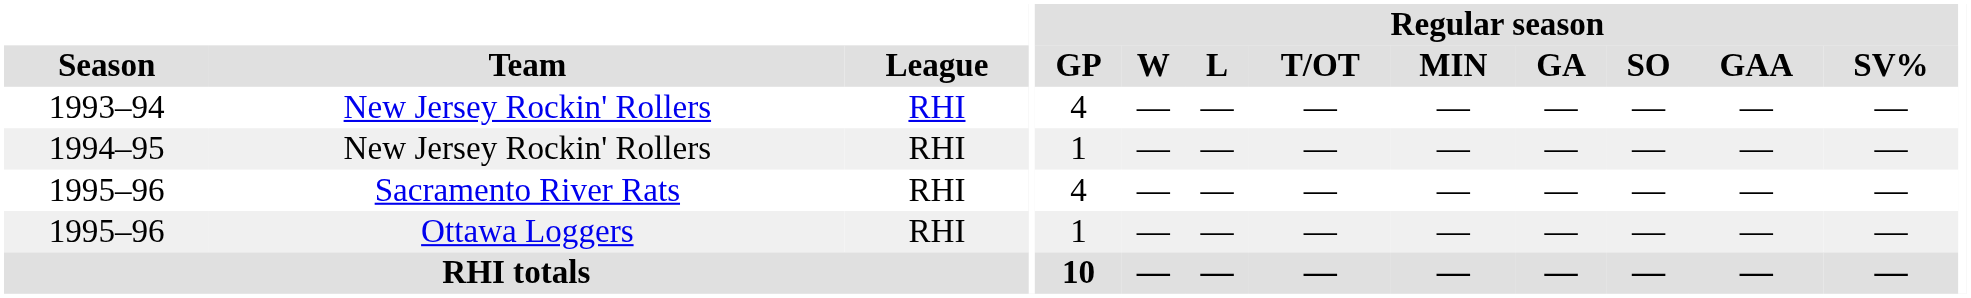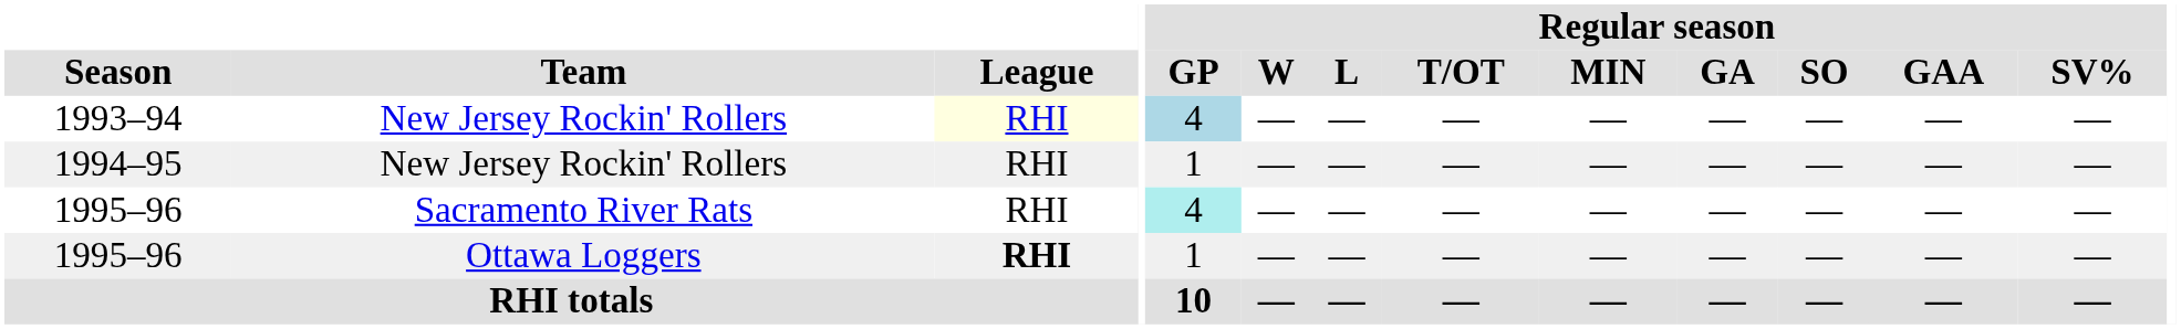 <table border="0" cellpadding="1" cellspacing="0" style="text-align:center; width:75%;">
 <tr bgcolor="#e0e0e0">
 <th colspan="3" bgcolor="#ffffff"></th>
 <th rowspan="99" bgcolor="#ffffff"></th>
 <th colspan="9" bgcolor="#e0e0e0">Regular season</th>
 <th rowspan="99" bgcolor="#ffffff"></th>
 </tr>
 <tr bgcolor="#e0e0e0">
 <th>Season</th>
 <th>Team</th>
 <th>League</th>
 <th>GP</th>
 <th>W</th>
 <th>L</th>
 <th>T/OT</th>
 <th>MIN</th>
 <th>GA</th>
 <th>SO</th>
 <th>GAA</th>
 <th>SV%</th>
 </tr>
 <tr>
 <td>1993–94</td>
 <td><a href='#'>New Jersey Rockin' Rollers</a></td>
-<td><a href='#'>RHI</a></td>
-<td>4</td>
+<td style="background: lightyellow;"><a href='#'>RHI</a></td>
+<td style="background: lightblue;">4</td>
 <td>—</td>
 <td>—</td>
 <td>—</td>
 <td>—</td>
 <td>—</td>
 <td>—</td>
 <td>—</td>
 <td>—</td>
 </tr>
 <tr bgcolor="#f0f0f0">
 <td>1994–95</td>
 <td>New Jersey Rockin' Rollers</td>
 <td>RHI</td>
 <td>1</td>
 <td>—</td>
 <td>—</td>
 <td>—</td>
 <td>—</td>
 <td>—</td>
 <td>—</td>
 <td>—</td>
 <td>—</td>
 </tr>
 <tr>
 <td>1995–96</td>
 <td><a href='#'>Sacramento River Rats</a></td>
 <td>RHI</td>
-<td>4</td>
+<td style="background: paleturquoise;">4</td>
 <td>—</td>
 <td>—</td>
 <td>—</td>
 <td>—</td>
 <td>—</td>
 <td>—</td>
 <td>—</td>
 <td>—</td>
 </tr>
 <tr bgcolor="#f0f0f0">
 <td>1995–96</td>
 <td><a href='#'>Ottawa Loggers</a></td>
-<td>RHI</td>
+<td><strong>RHI</strong></td>
 <td>1</td>
 <td>—</td>
 <td>—</td>
 <td>—</td>
 <td>—</td>
 <td>—</td>
 <td>—</td>
 <td>—</td>
 <td>—</td>
 </tr>
 <tr bgcolor="#e0e0e0">
 <th colspan="3">RHI totals</th>
 <th>10</th>
 <th>—</th>
 <th>—</th>
 <th>—</th>
 <th>—</th>
 <th>—</th>
 <th>—</th>
 <th>—</th>
 <th>—</th>
 </tr>
 </table>
